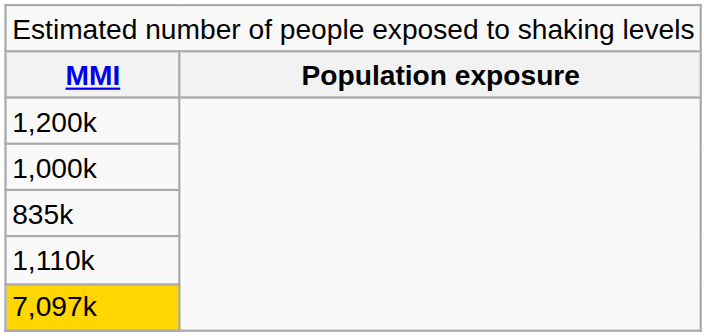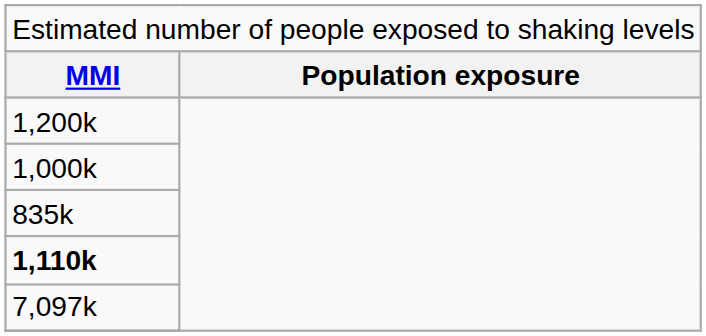 <table class="wikitable sortable plainrowheaders floatright" style="clear:right; margin-left:7px; margin-top:0; margin-right:0; margin-bottom:3px; font-size:80%;">
 <tr>
 <td colspan="2" style="text-align: center;">Estimated number of people exposed to shaking levels</td>
 </tr>
 <tr>
 <th><a href='#'>MMI</a></th>
 <th>Population exposure</th>
 </tr>
 <tr>
 <td>1,200k</td>
 </tr>
 <tr>
 <td>1,000k</td>
 </tr>
 <tr>
 <td>835k</td>
 </tr>
 <tr>
-<td>1,110k</td>
+<td><strong>1,110k</strong></td>
 </tr>
 <tr>
-<td style="background: gold;">7,097k</td>
+<td>7,097k</td>
 </tr>
 <tr>
 </tr>
 </table>
